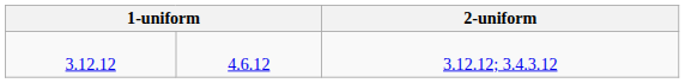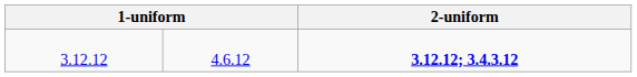 <table width=640 class="wikitable">
 <tr>
 <th colspan=2>1-uniform</th>
 <th>2-uniform</th>
 </tr>
 <tr align=center>
 <td><br><a href='#'>3.12.12</a></td>
 <td><br><a href='#'>4.6.12</a></td>
-<td><br><a href='#'>3.12.12; 3.4.3.12</a></td>
+<td><strong><br><a href='#'>3.12.12; 3.4.3.12</a></strong></td>
 </tr>
 </table>
